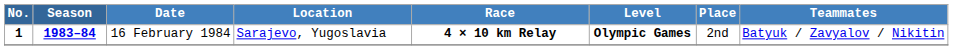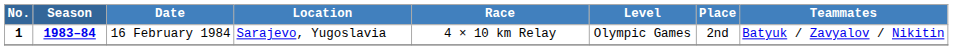 <table class="wikitable sortable" style="font-size:95%; text-align:center; border:grey solid 1px; border-collapse:collapse; background:#ffffff;">
 <tr style="background:#efefef;">
 <th style="background-color:#369; color:white;">No.</th>
 <th style="background-color:#369; color:white;">Season</th>
 <th style="background-color:#4180be; color:white; width:120px;">Date</th>
 <th style="background-color:#4180be; color:white; width:170px;">Location</th>
 <th style="background-color:#4180be; color:white; width:170px;">Race</th>
 <th style="background-color:#4180be; color:white; width:100px;">Level</th>
 <th style="background-color:#4180be; color:white;">Place</th>
 <th style="background-color:#4180be; color:white;">Teammates</th>
 </tr>
 <tr>
 <td align=center><strong>1</strong></td>
 <td rowspan=1 align=center><strong> <a href='#'>1983–84</a> </strong></td>
 <td align=right>16 February 1984</td>
 <td align=left> <a href='#'>Sarajevo</a>, Yugoslavia</td>
-<td><strong>4 × 10 km Relay</strong></td>
-<td><strong>Olympic Games</strong></td>
+<td>4 × 10 km Relay</td>
+<td>Olympic Games</td>
 <td>2nd</td>
 <td><a href='#'>Batyuk</a> / <a href='#'>Zavyalov</a> / <a href='#'>Nikitin</a></td>
 </tr>
 <tr>
 </tr>
 </table>
